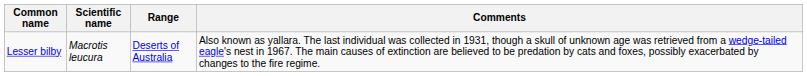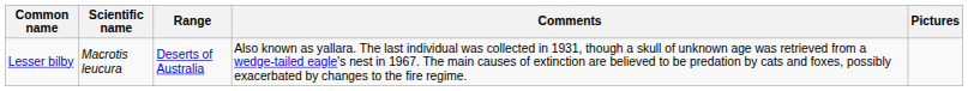 <table class="wikitable">
 <tr>
 <th>Common name</th>
 <th>Scientific name</th>
 <th>Range</th>
 <th class="unsortable">Comments</th>
+<th class="unsortable">Pictures</th>
 </tr>
 <tr>
 <td><a href='#'>Lesser bilby</a></td>
 <td><em>Macrotis leucura</em></td>
 <td><a href='#'>Deserts of Australia</a></td>
 <td>Also known as yallara. The last individual was collected in 1931, though a skull of unknown age was retrieved from a <a href='#'>wedge-tailed eagle</a>'s nest in 1967. The main causes of extinction are believed to be predation by cats and foxes, possibly exacerbated by changes to the fire regime.</td>
+<td></td>
 </tr>
 </table>
